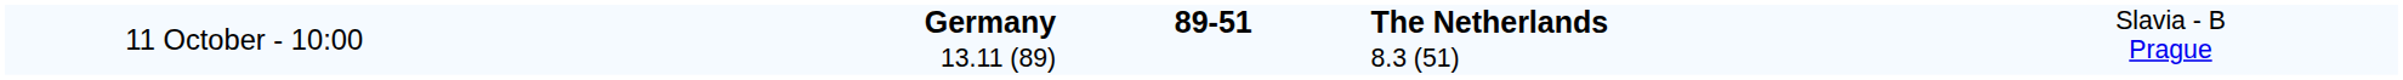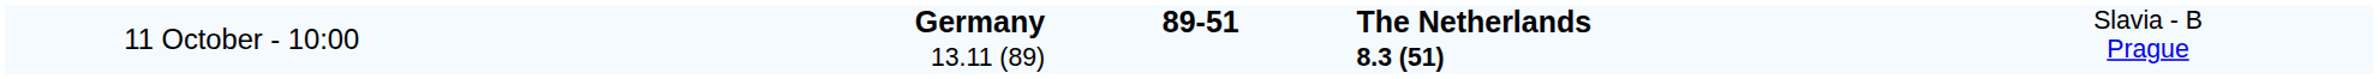 <table style="width: 100%; background:#F5FAFF;" cellspacing="0">
 <tr>
 <td style=font-size:95% align=center rowspan=3 width=20%>11 October - 10:00</td>
 </tr>
 <tr>
 <td width=24% align=right><strong>Germany</strong></td>
 <td align=center width=13%><strong>89-51</strong></td>
 <td width=24%><strong>The Netherlands</strong></td>
 <td style=font-size:85% rowspan=3 valign=top align=center>Slavia - B <br><a href='#'>Prague</a></td>
 </tr>
 <tr style=font-size:85%>
 <td align=right>13.11 (89)</td>
 <td align=center></td>
-<td>8.3 (51)</td>
+<td><strong>8.3 (51)</strong></td>
 </tr>
 </table>
